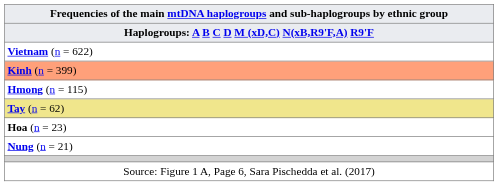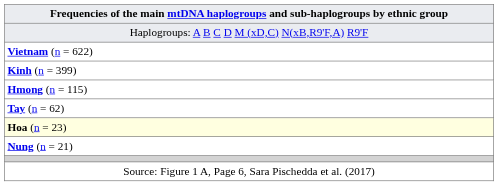 <table border=1 style="border-collapse:collapse;width:700px;" cellpadding=4>
 <tr style="background-color:#eaecf0;">
 <th colspan="3" style="text-align:center;">Frequencies of the main <a href='#'>mtDNA haplogroups</a> and sub-haplogroups by ethnic group</th>
 </tr>
 <tr>
-<td style="background-color:#eaecf0;text-align:center;"><strong>Haplogroups:  <a href='#'>A</a>  <a href='#'>B</a>  <a href='#'>C</a>  <a href='#'>D</a>  <a href='#'>M (xD,C)</a>  <a href='#'>N(xB,R9'F,A)</a>  <a href='#'>R9'F</a></strong></td>
+<td style="background-color:#eaecf0;text-align:center;">Haplogroups:  <a href='#'>A</a>  <a href='#'>B</a>  <a href='#'>C</a>  <a href='#'>D</a>  <a href='#'>M (xD,C)</a>  <a href='#'>N(xB,R9'F,A)</a>  <a href='#'>R9'F</a></td>
 </tr>
 <tr>
 <td><strong><a href='#'>Vietnam</a></strong> (<a href='#'>n</a> = 622) <br></td>
 </tr>
 <tr>
-<td style="background: lightsalmon;"><strong><a href='#'>Kinh</a></strong> (<a href='#'>n</a> = 399) <br></td>
+<td><strong><a href='#'>Kinh</a></strong> (<a href='#'>n</a> = 399) <br></td>
 </tr>
 <tr>
 <td><strong><a href='#'>Hmong</a></strong> (<a href='#'>n</a> = 115) <br></td>
 </tr>
 <tr>
-<td style="background: khaki;"><strong><a href='#'>Tay</a></strong> (<a href='#'>n</a> = 62) <br></td>
+<td><strong><a href='#'>Tay</a></strong> (<a href='#'>n</a> = 62) <br></td>
 </tr>
 <tr>
-<td><strong>Hoa</strong> (<a href='#'>n</a> = 23) <br></td>
+<td style="background: lightyellow;"><strong>Hoa</strong> (<a href='#'>n</a> = 23) <br></td>
 </tr>
 <tr>
 <td><strong><a href='#'>Nung</a></strong> (<a href='#'>n</a> = 21) <br></td>
 </tr>
 <tr>
 <td style="background-color: lightgray;" colspan="3"></td>
 </tr>
 <tr>
 <td colspan="3" style="text-align:center;">Source: Figure 1 A, Page 6, Sara Pischedda et al. (2017)</td>
 </tr>
 </table>
